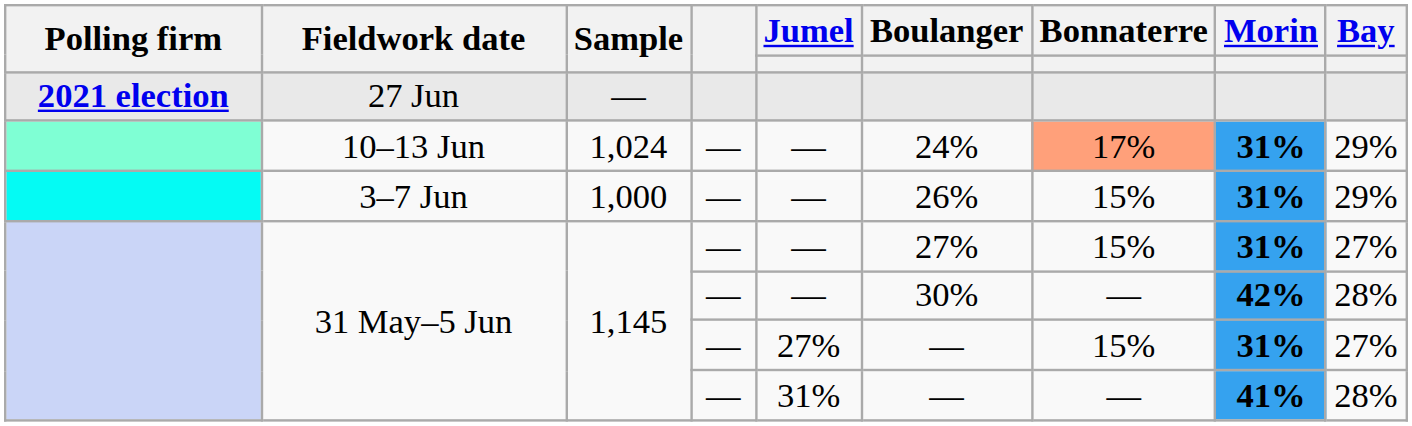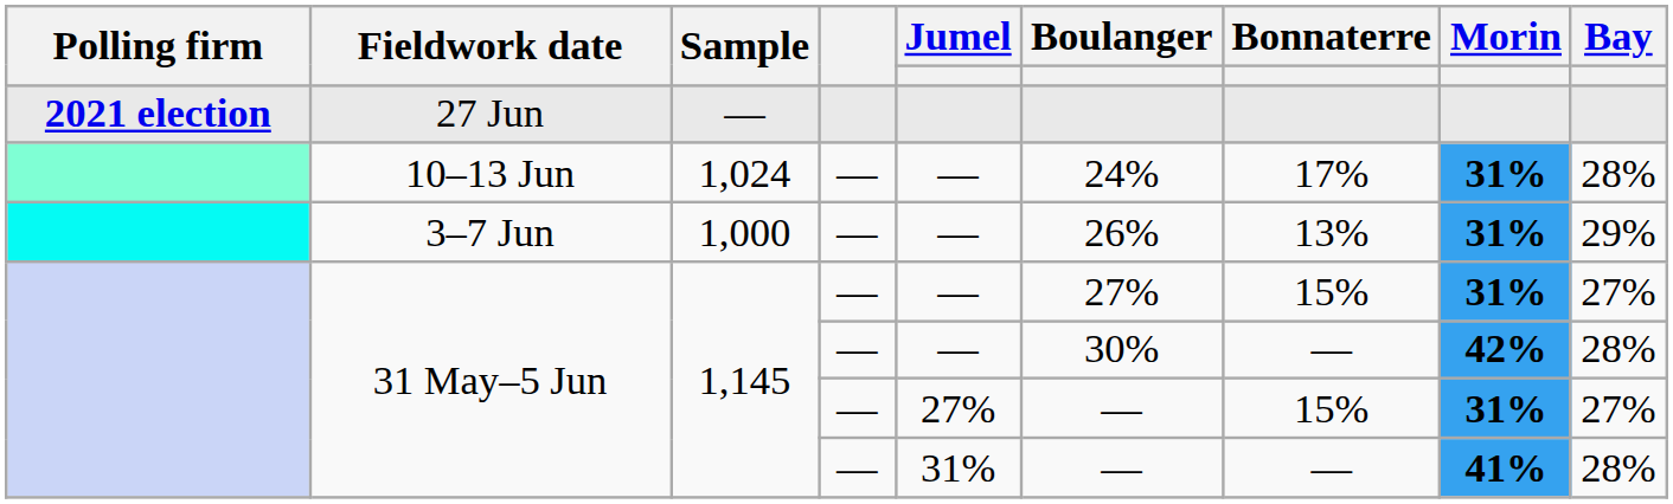 <table class="wikitable" style="text-align:center;font-size:90%;line-height:14px;">
 <tr>
 <th rowspan="2" style="width:100px;">Polling firm</th>
 <th rowspan="2" style="width:120px;">Fieldwork date</th>
 <th rowspan="2" style="width:35px;">Sample</th>
 <th rowspan="2" style="width:20px;"></th>
 <th><a href='#'>Jumel</a><br></th>
 <th>Boulanger<br></th>
 <th>Bonnaterre<br></th>
 <th><a href='#'>Morin</a><br></th>
 <th><a href='#'>Bay</a><br></th>
 </tr>
 <tr>
 <th style="background:"></th>
 <th style="background:"></th>
 <th style="background:"></th>
 <th style="background:"></th>
 <th style="background:"></th>
 </tr>
 <tr style="background:#E9E9E9;">
 <td><strong><a href='#'>2021 election</a></strong></td>
 <td data-sort-value="2021-06-27">27 Jun</td>
 <td>—</td>
 <td></td>
 <td></td>
 <td></td>
 <td></td>
 <td></td>
 <td></td>
 </tr>
 <tr>
 <td style="background:aquamarine;"></td>
 <td>10–13 Jun</td>
 <td>1,024</td>
 <td>—</td>
 <td>—</td>
 <td>24%</td>
-<td style="background: lightsalmon;">17%</td>
+<td>17%</td>
 <td style="background:#35A2EF;"><strong>31%</strong></td>
-<td>29%</td>
+<td>28%</td>
 </tr>
 <tr>
 <td style="background:#04FBF4;"></td>
 <td>3–7 Jun</td>
 <td>1,000</td>
 <td>—</td>
 <td>—</td>
 <td>26%</td>
-<td>15%</td>
+<td>13%</td>
 <td style="background:#35A2EF;"><strong>31%</strong></td>
 <td>29%</td>
 </tr>
 <tr>
 <td rowspan="4" style="background:#CAD5F7;"></td>
 <td rowspan="4">31 May–5 Jun</td>
 <td rowspan="4">1,145</td>
 <td>—</td>
 <td>—</td>
 <td>27%</td>
 <td>15%</td>
 <td style="background:#35A2EF;"><strong>31%</strong></td>
 <td>27%</td>
 </tr>
 <tr>
 <td>—</td>
 <td>—</td>
 <td>30%</td>
 <td>—</td>
 <td style="background:#35A2EF;"><strong>42%</strong></td>
 <td>28%</td>
 </tr>
 <tr>
 <td>—</td>
 <td>27%</td>
 <td>—</td>
 <td>15%</td>
 <td style="background:#35A2EF;"><strong>31%</strong></td>
 <td>27%</td>
 </tr>
 <tr>
 <td>—</td>
 <td>31%</td>
 <td>—</td>
 <td>—</td>
 <td style="background:#35A2EF;"><strong>41%</strong></td>
 <td>28%</td>
 </tr>
 </table>
